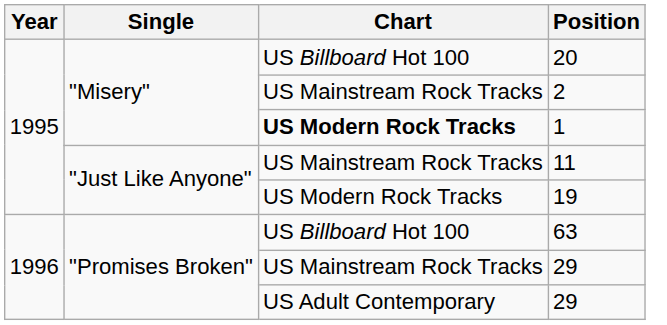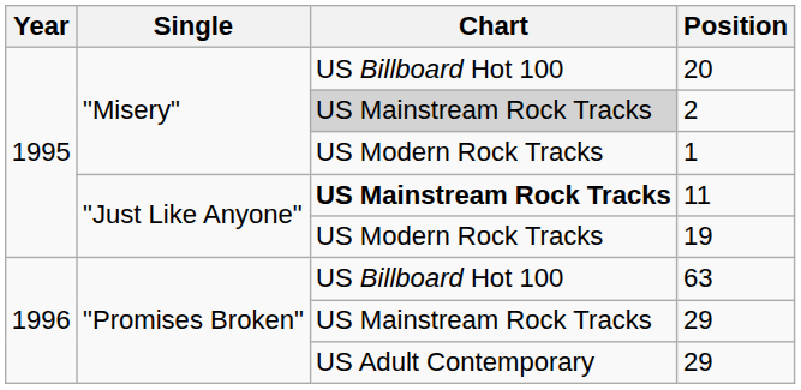 <table class="wikitable sortable">
 <tr>
 <th align="left">Year</th>
 <th align="left">Single</th>
 <th align="left">Chart</th>
 <th align="left">Position</th>
 </tr>
 <tr>
 <td rowspan="5" align="left">1995</td>
 <td rowspan="3" align="left">"Misery"</td>
 <td align="left">US <em>Billboard</em> Hot 100</td>
 <td align="left">20</td>
 </tr>
 <tr>
-<td align="left">US Mainstream Rock Tracks</td>
+<td align="left" style="background: lightgrey;">US Mainstream Rock Tracks</td>
 <td align="left">2</td>
 </tr>
 <tr>
-<td align="left"><strong>US Modern Rock Tracks</strong></td>
+<td align="left">US Modern Rock Tracks</td>
 <td align="left">1</td>
 </tr>
 <tr>
 <td rowspan="2" align="left">"Just Like Anyone"</td>
-<td align="left">US Mainstream Rock Tracks</td>
+<td align="left"><strong>US Mainstream Rock Tracks</strong></td>
 <td align="left">11</td>
 </tr>
 <tr>
 <td align="left">US Modern Rock Tracks</td>
 <td align="left">19</td>
 </tr>
 <tr>
 <td rowspan="3" align="left">1996</td>
 <td rowspan="3" align="left">"Promises Broken"</td>
 <td align="left">US <em>Billboard</em> Hot 100</td>
 <td align="left">63</td>
 </tr>
 <tr>
 <td align="left">US Mainstream Rock Tracks</td>
 <td align="left">29</td>
 </tr>
 <tr>
 <td align="left">US Adult Contemporary</td>
 <td align="left">29</td>
 </tr>
 </table>
